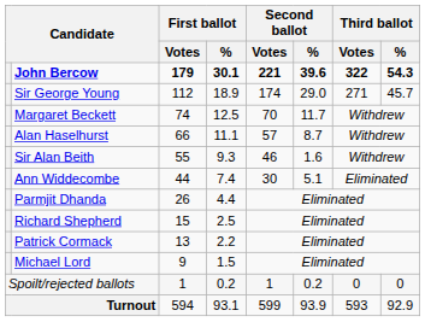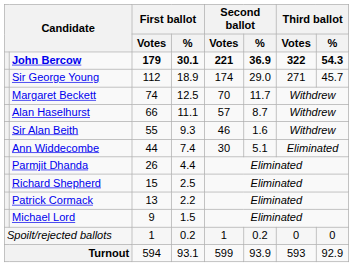 <table class=wikitable>
 <tr>
 <th rowspan="2" colspan="2">Candidate</th>
 <th colspan="2">First ballot</th>
 <th colspan="2">Second ballot</th>
 <th colspan="2">Third ballot</th>
 </tr>
 <tr>
 <th style="width: 50px">Votes</th>
 <th style="width: 40px">%</th>
 <th style="width: 50px">Votes</th>
 <th style="width: 40px">%</th>
 <th style="width: 50px">Votes</th>
 <th style="width: 40px">%</th>
 </tr>
 <tr>
 <th style="background-color: "></th>
 <td style="width: 170px"><strong><a href='#'>John Bercow</a></strong> </td>
 <td align="center"><strong>179</strong></td>
 <td align="center"><strong>30.1</strong></td>
 <td align="center"><strong>221</strong></td>
-<td align="center"><strong>39.6</strong></td>
+<td align="center"><strong>36.9</strong></td>
 <td align="center"><strong>322</strong></td>
 <td align="center"><strong>54.3</strong></td>
 </tr>
 <tr>
 <th style="background-color: "></th>
 <td style="width: 170px"><a href='#'>Sir George Young</a></td>
 <td align="center">112</td>
 <td align="center">18.9</td>
 <td align="center">174</td>
 <td align="center">29.0</td>
 <td align="center">271</td>
 <td align="center">45.7</td>
 </tr>
 <tr>
 <th style="background-color: "></th>
 <td style="width: 170px"><a href='#'>Margaret Beckett</a></td>
 <td align="center">74</td>
 <td align="center">12.5</td>
 <td align="center">70</td>
 <td align="center">11.7</td>
 <td colspan="2" align="center"><em>Withdrew</em></td>
 </tr>
 <tr>
 <th style="background-color: "></th>
 <td style="width: 170px"><a href='#'>Alan Haselhurst</a></td>
 <td align="center">66</td>
 <td align="center">11.1</td>
 <td align="center">57</td>
 <td align="center">8.7</td>
 <td colspan="2" align="center"><em>Withdrew</em></td>
 </tr>
 <tr>
 <th style="background-color: "></th>
 <td style="width: 170px"><a href='#'>Sir Alan Beith</a></td>
 <td align="center">55</td>
 <td align="center">9.3</td>
 <td align="center">46</td>
 <td align="center">1.6</td>
 <td colspan="2" align="center"><em>Withdrew</em></td>
 </tr>
 <tr>
 <th style="background-color: "></th>
 <td style="width: 170px"><a href='#'>Ann Widdecombe</a></td>
 <td align="center">44</td>
 <td align="center">7.4</td>
 <td align="center">30</td>
 <td align="center">5.1</td>
 <td colspan="2" align="center"><em>Eliminated</em></td>
 </tr>
 <tr>
 <th style="background-color: "></th>
 <td style="width: 170px"><a href='#'>Parmjit Dhanda</a></td>
 <td align="center">26</td>
 <td align="center">4.4</td>
 <td colspan="4" align="center"><em>Eliminated</em></td>
 </tr>
 <tr>
 <th style="background-color: "></th>
 <td style="width: 170px"><a href='#'>Richard Shepherd</a></td>
 <td align="center">15</td>
 <td align="center">2.5</td>
 <td colspan="4" align="center"><em>Eliminated</em></td>
 </tr>
 <tr>
 <th style="background-color: "></th>
 <td style="width: 170px"><a href='#'>Patrick Cormack</a></td>
 <td align="center">13</td>
 <td align="center">2.2</td>
 <td colspan="4" align="center"><em>Eliminated</em></td>
 </tr>
 <tr>
 <th style="background-color: "></th>
 <td style="width: 170px"><a href='#'>Michael Lord</a></td>
 <td align="center">9</td>
 <td align="center">1.5</td>
 <td colspan="4" align="center"><em>Eliminated</em></td>
 </tr>
 <tr style="background-color:#F6F6F6">
 <td colspan="2" align="left"><em>Spoilt/rejected ballots</em></td>
 <td align="center">1</td>
 <td align="center">0.2</td>
 <td align="center">1</td>
 <td align="center">0.2</td>
 <td align="center">0</td>
 <td align="center">0</td>
 </tr>
 <tr>
 <th colspan="2" style="text-align:right">Turnout</th>
 <td align="center">594</td>
 <td align="center">93.1</td>
 <td align="center">599</td>
 <td align="center">93.9</td>
 <td align="center">593</td>
 <td align="center">92.9</td>
 </tr>
 </table>
